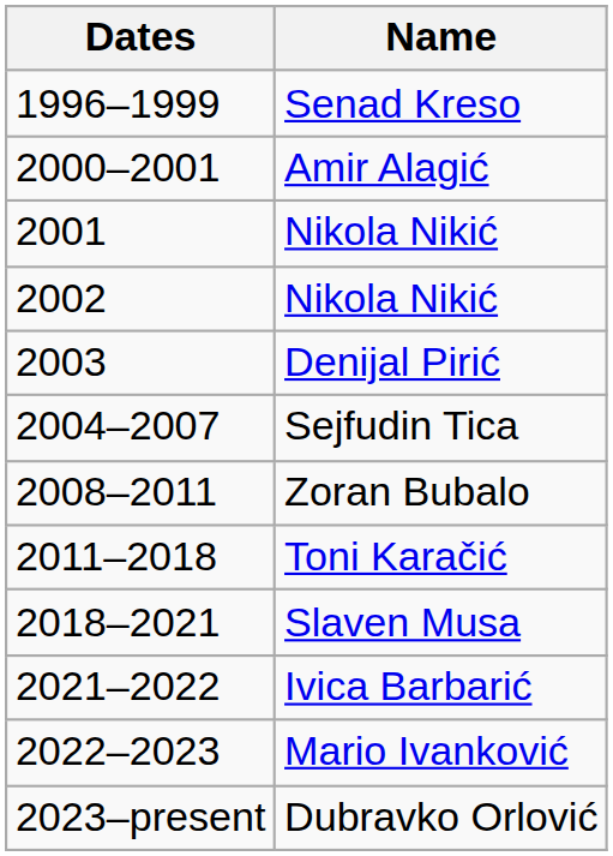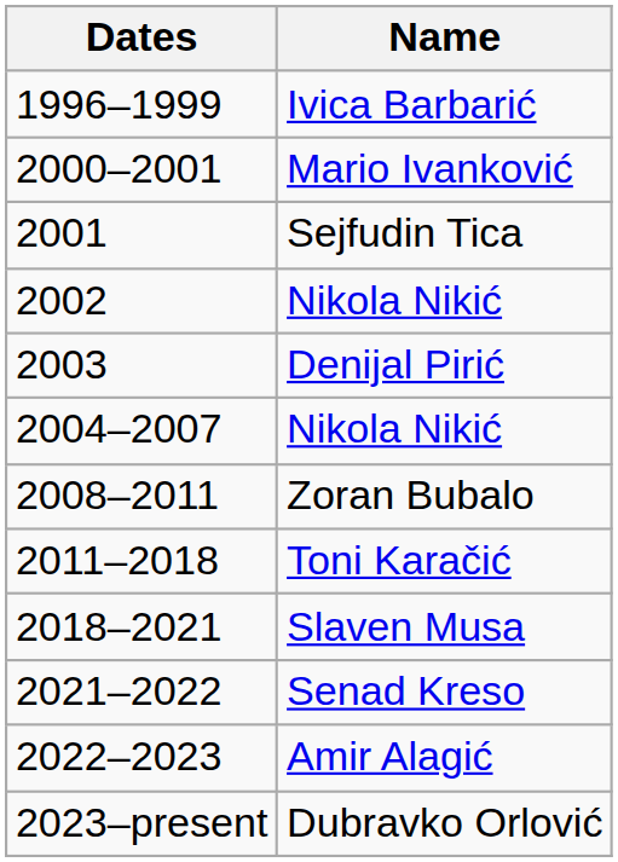 <table class="wikitable">
 <tr>
 <th>Dates</th>
 <th>Name</th>
 </tr>
 <tr>
 <td>1996–1999</td>
-<td> <a href='#'>Senad Kreso</a></td>
+<td> <a href='#'>Ivica Barbarić</a></td>
 </tr>
 <tr>
 <td>2000–2001</td>
-<td> <a href='#'>Amir Alagić</a></td>
+<td> <a href='#'>Mario Ivanković</a></td>
 </tr>
 <tr>
 <td>2001</td>
-<td> <a href='#'>Nikola Nikić</a></td>
+<td> Sejfudin Tica</td>
 </tr>
 <tr>
 <td>2002</td>
 <td> <a href='#'>Nikola Nikić</a></td>
 </tr>
 <tr>
 <td>2003</td>
 <td> <a href='#'>Denijal Pirić</a></td>
 </tr>
 <tr>
 <td>2004–2007</td>
-<td> Sejfudin Tica</td>
+<td> <a href='#'>Nikola Nikić</a></td>
 </tr>
 <tr>
 <td>2008–2011</td>
 <td> Zoran Bubalo</td>
 </tr>
 <tr>
 <td>2011–2018</td>
 <td> <a href='#'>Toni Karačić</a></td>
 </tr>
 <tr>
 <td>2018–2021</td>
 <td> <a href='#'>Slaven Musa</a></td>
 </tr>
 <tr>
 <td>2021–2022</td>
-<td> <a href='#'>Ivica Barbarić</a></td>
+<td> <a href='#'>Senad Kreso</a></td>
 </tr>
 <tr>
 <td>2022–2023</td>
-<td> <a href='#'>Mario Ivanković</a></td>
+<td> <a href='#'>Amir Alagić</a></td>
 </tr>
 <tr>
 <td>2023–present</td>
 <td> Dubravko Orlović</td>
 </tr>
 </table>
